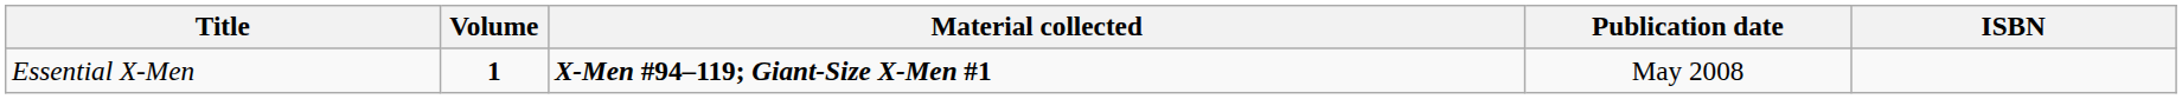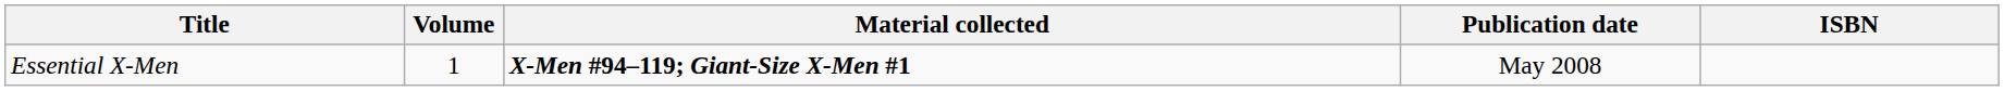 <table class="wikitable" width="100%">
 <tr>
 <th width=20%>Title</th>
 <th width=5%>Volume</th>
 <th width=45%>Material collected</th>
 <th width=15%>Publication date</th>
 <th width=15%>ISBN</th>
 </tr>
 <tr>
 <td rowspan="11"><em>Essential X-Men</em></td>
-<td align="center"><strong>1</strong></td>
+<td align="center">1</td>
 <td><strong><em>X-Men</em> #94–119; <em>Giant-Size X-Men</em> #1</strong></td>
 <td align="center">May 2008</td>
 <td align="center"></td>
 </tr>
 </table>
